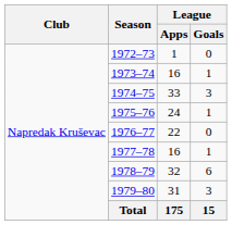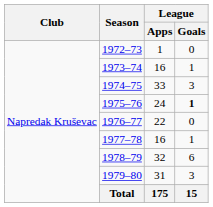 <table class="wikitable" style="text-align:center">
 <tr>
 <th rowspan="2">Club</th>
 <th rowspan="2">Season</th>
 <th colspan="2">League</th>
 </tr>
 <tr>
 <th>Apps</th>
 <th>Goals</th>
 </tr>
 <tr>
 <td rowspan="9"><a href='#'>Napredak Kruševac</a></td>
 <td><a href='#'>1972–73</a></td>
 <td>1</td>
 <td>0</td>
 </tr>
 <tr>
 <td><a href='#'>1973–74</a></td>
 <td>16</td>
 <td>1</td>
 </tr>
 <tr>
 <td><a href='#'>1974–75</a></td>
 <td>33</td>
 <td>3</td>
 </tr>
 <tr>
 <td><a href='#'>1975–76</a></td>
 <td>24</td>
-<td>1</td>
+<td><strong>1</strong></td>
 </tr>
 <tr>
 <td><a href='#'>1976–77</a></td>
 <td>22</td>
 <td>0</td>
 </tr>
 <tr>
 <td><a href='#'>1977–78</a></td>
 <td>16</td>
 <td>1</td>
 </tr>
 <tr>
 <td><a href='#'>1978–79</a></td>
 <td>32</td>
 <td>6</td>
 </tr>
 <tr>
 <td><a href='#'>1979–80</a></td>
 <td>31</td>
 <td>3</td>
 </tr>
 <tr>
 <th>Total</th>
 <th>175</th>
 <th>15</th>
 </tr>
 </table>
